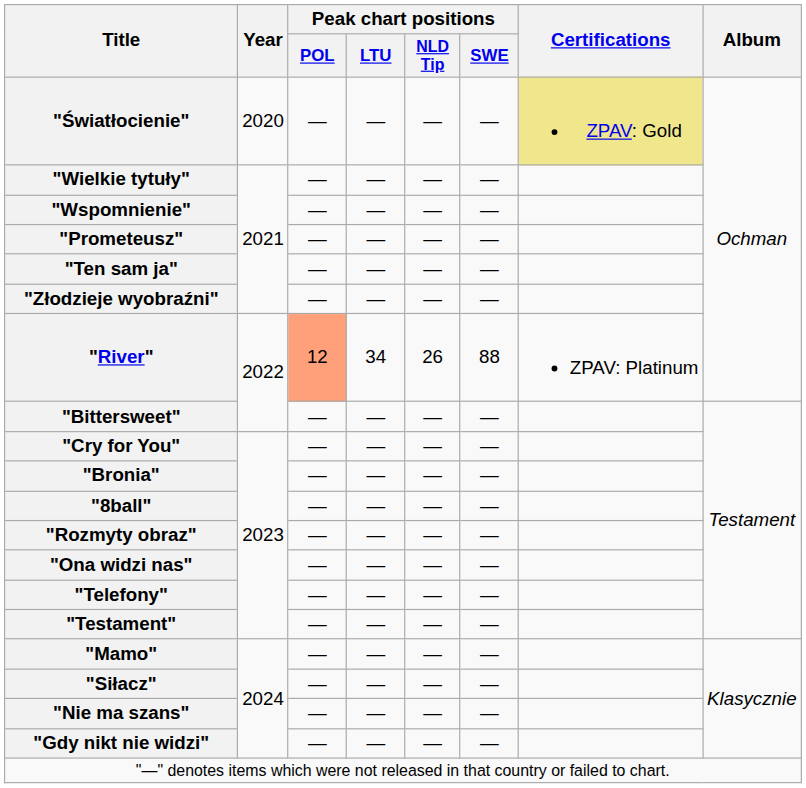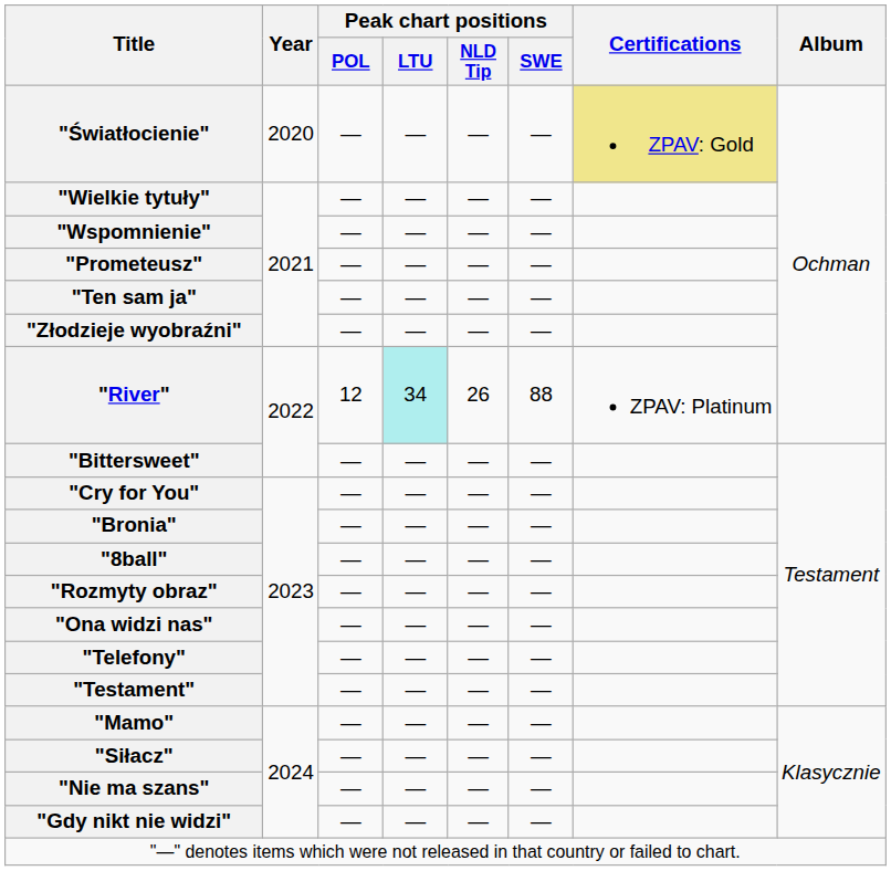 <table class="wikitable plainrowheaders" style="text-align:center;">
 <tr>
 <th scope="col" rowspan="2" style="width:12em;">Title</th>
 <th scope="col" rowspan="2" style="width:1em;">Year</th>
 <th colspan="4">Peak chart positions</th>
 <th scope="col" rowspan="2"><a href='#'>Certifications</a></th>
 <th scope="col" rowspan="2">Album</th>
 </tr>
 <tr>
 <th style="width:3em;font-size:90%"><a href='#'>POL</a><br></th>
 <th style="width:3em;font-size:90%"><a href='#'>LTU</a><br></th>
 <th style="width:3em;font-size:85%"><a href='#'>NLD<br>Tip</a><br></th>
 <th style="width:3em;font-size:90%"><a href='#'>SWE</a><br></th>
 </tr>
 <tr>
 <th scope="row">"Światłocienie"</th>
 <td>2020</td>
 <td>—</td>
 <td>—</td>
 <td>—</td>
 <td>—</td>
 <td style="background: khaki;"><br><ul><li><a href='#'>ZPAV</a>: Gold</li></ul></td>
 <td rowspan="7"><em>Ochman</em></td>
 </tr>
 <tr>
 <th scope="row">"Wielkie tytuły"</th>
 <td rowspan="5">2021</td>
 <td>—</td>
 <td>—</td>
 <td>—</td>
 <td>—</td>
 <td></td>
 </tr>
 <tr>
 <th scope="row">"Wspomnienie"</th>
 <td>—</td>
 <td>—</td>
 <td>—</td>
 <td>—</td>
 <td></td>
 </tr>
 <tr>
 <th scope="row">"Prometeusz"</th>
 <td>—</td>
 <td>—</td>
 <td>—</td>
 <td>—</td>
 <td></td>
 </tr>
 <tr>
 <th scope="row">"Ten sam ja"</th>
 <td>—</td>
 <td>—</td>
 <td>—</td>
 <td>—</td>
 <td></td>
 </tr>
 <tr>
 <th scope="row">"Złodzieje wyobraźni"</th>
 <td>—</td>
 <td>—</td>
 <td>—</td>
 <td>—</td>
 <td></td>
 </tr>
 <tr>
 <th scope="row">"<a href='#'>River</a>"</th>
 <td rowspan="2">2022</td>
-<td style="background: lightsalmon;">12</td>
-<td>34</td>
+<td>12</td>
+<td style="background: paleturquoise;">34</td>
 <td>26</td>
 <td>88</td>
 <td><br><ul><li>ZPAV: Platinum</li></ul></td>
 </tr>
 <tr>
 <th scope="row">"Bittersweet"<br></th>
 <td>—</td>
 <td>—</td>
 <td>—</td>
 <td>—</td>
 <td></td>
 <td rowspan="8"><em>Testament</em></td>
 </tr>
 <tr>
 <th scope="row">"Cry for You"<br></th>
 <td rowspan="7">2023</td>
 <td>—</td>
 <td>—</td>
 <td>—</td>
 <td>—</td>
 <td></td>
 </tr>
 <tr>
 <th scope="row">"Bronia"<br></th>
 <td>—</td>
 <td>—</td>
 <td>—</td>
 <td>—</td>
 <td></td>
 </tr>
 <tr>
 <th scope="row">"8ball"</th>
 <td>—</td>
 <td>—</td>
 <td>—</td>
 <td>—</td>
 <td></td>
 </tr>
 <tr>
 <th scope="row">"Rozmyty obraz"</th>
 <td>—</td>
 <td>—</td>
 <td>—</td>
 <td>—</td>
 <td></td>
 </tr>
 <tr>
 <th scope="row">"Ona widzi nas"</th>
 <td>—</td>
 <td>—</td>
 <td>—</td>
 <td>—</td>
 <td></td>
 </tr>
 <tr>
 <th scope="row">"Telefony"</th>
 <td>—</td>
 <td>—</td>
 <td>—</td>
 <td>—</td>
 <td></td>
 </tr>
 <tr>
 <th scope="row">"Testament"</th>
 <td>—</td>
 <td>—</td>
 <td>—</td>
 <td>—</td>
 <td></td>
 </tr>
 <tr>
 <th scope="row">"Mamo"</th>
 <td rowspan="4">2024</td>
 <td>—</td>
 <td>—</td>
 <td>—</td>
 <td>—</td>
 <td></td>
 <td rowspan="4"><em>Klasycznie</em></td>
 </tr>
 <tr>
 <th scope="row">"Siłacz"</th>
 <td>—</td>
 <td>—</td>
 <td>—</td>
 <td>—</td>
 <td></td>
 </tr>
 <tr>
 <th scope="row">"Nie ma szans"</th>
 <td>—</td>
 <td>—</td>
 <td>—</td>
 <td>—</td>
 <td></td>
 </tr>
 <tr>
 <th scope="row">"Gdy nikt nie widzi"</th>
 <td>—</td>
 <td>—</td>
 <td>—</td>
 <td>—</td>
 <td></td>
 </tr>
 <tr>
 <td colspan="8" style="font-size:85%;">"—" denotes items which were not released in that country or failed to chart.</td>
 </tr>
 </table>
